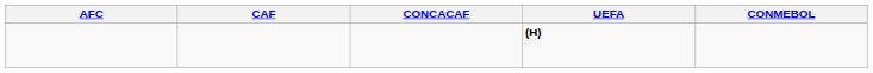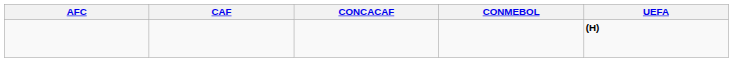 <table class=wikitable width=75%>
 <tr>
 <th width=20%><a href='#'>AFC</a></th>
 <th width=20%><a href='#'>CAF</a></th>
 <th width=20%><a href='#'>CONCACAF</a></th>
+<th width=20%><a href='#'>CONMEBOL</a></th>
 <th width=20%><a href='#'>UEFA</a></th>
-<th width=20%><a href='#'>CONMEBOL</a></th>
 </tr>
 <tr valign=top>
 <td><br><br><br></td>
 <td></td>
 <td><br><br></td>
+<td></td>
 <td> <strong>(H)</strong><br><br></td>
-<td></td>
 </tr>
 </table>
